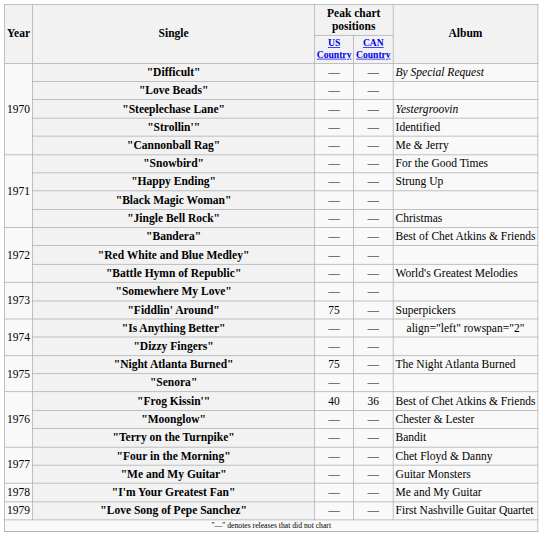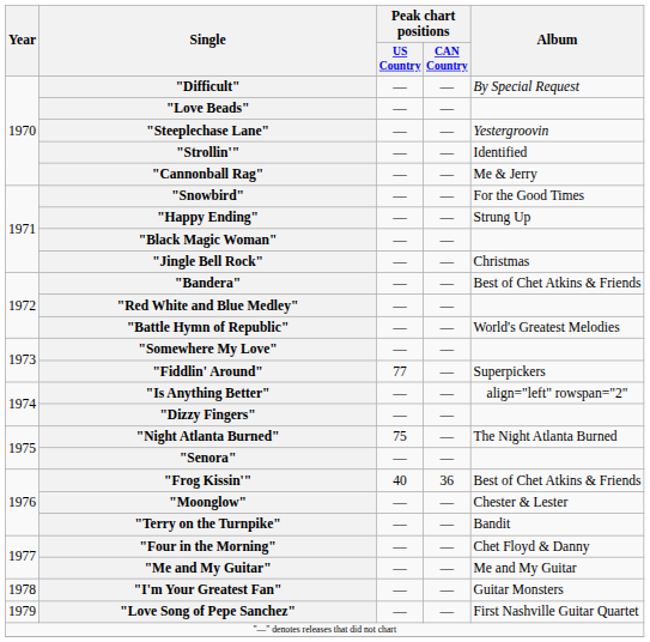 <table class="wikitable plainrowheaders" style="text-align:center;">
 <tr>
 <th rowspan="2">Year</th>
 <th rowspan="2" style="width:24em;">Single</th>
 <th colspan="2">Peak chart<br>positions</th>
 <th rowspan="2">Album</th>
 </tr>
 <tr style="font-size:smaller;">
 <th width="45"><a href='#'>US Country</a></th>
 <th width="45"><a href='#'>CAN Country</a></th>
 </tr>
 <tr>
 <td rowspan="5">1970</td>
 <th scope="row">"Difficult"</th>
 <td>—</td>
 <td>—</td>
 <td align="left"><em>By Special Request</em></td>
 </tr>
 <tr>
 <th scope="row">"Love Beads"</th>
 <td>—</td>
 <td>—</td>
 <td></td>
 </tr>
 <tr>
 <th scope="row">"Steeplechase Lane"</th>
 <td>—</td>
 <td>—</td>
 <td align="left"><em>Yestergroovin<strong></td>
 </tr>
 <tr>
 <th scope="row">"Strollin'"</th>
 <td>—</td>
 <td>—</td>
 <td align="left"></em>Identified<em></td>
 </tr>
 <tr>
 <th scope="row">"Cannonball Rag"</th>
 <td>—</td>
 <td>—</td>
 <td align="left"></em>Me & Jerry<em></td>
 </tr>
 <tr>
 <td rowspan="4">1971</td>
 <th scope="row">"Snowbird"</th>
 <td>—</td>
 <td>—</td>
 <td align="left"></em>For the Good Times<em></td>
 </tr>
 <tr>
 <th scope="row">"Happy Ending"</th>
 <td>—</td>
 <td>—</td>
 <td align="left"></em>Strung Up<em></td>
 </tr>
 <tr>
 <th scope="row">"Black Magic Woman"</th>
 <td>—</td>
 <td>—</td>
 <td></td>
 </tr>
 <tr>
 <th scope="row">"Jingle Bell Rock"</th>
 <td>—</td>
 <td>—</td>
 <td align="left"></em>Christmas<em></td>
 </tr>
 <tr>
 <td rowspan="3">1972</td>
 <th scope="row">"Bandera"</th>
 <td>—</td>
 <td>—</td>
 <td align="left"></em>Best of Chet Atkins & Friends<em></td>
 </tr>
 <tr>
 <th scope="row">"Red White and Blue Medley"</th>
 <td>—</td>
 <td>—</td>
 <td></td>
 </tr>
 <tr>
 <th scope="row">"Battle Hymn of Republic"</th>
 <td>—</td>
 <td>—</td>
 <td align="left"></em>World's Greatest Melodies<em></td>
 </tr>
 <tr>
 <td rowspan="2">1973</td>
 <th scope="row">"Somewhere My Love"</th>
 <td>—</td>
 <td>—</td>
 <td></td>
 </tr>
 <tr>
 <th scope="row">"Fiddlin' Around"</th>
-<td>75</td>
+<td>77</td>
 <td>—</td>
 <td align="left"></em>Superpickers<em></td>
 </tr>
 <tr>
 <td rowspan="2">1974</td>
 <th scope="row">"Is Anything Better"</th>
 <td>—</td>
 <td>—</td>
 <td>align="left" rowspan="2" </td>
 </tr>
 <tr>
 <th scope="row">"Dizzy Fingers"</th>
 <td>—</td>
 <td>—</td>
 </tr>
 <tr>
 <td rowspan="2">1975</td>
 <th scope="row">"Night Atlanta Burned"</th>
 <td>75</td>
 <td>—</td>
 <td align="left"></em>The Night Atlanta Burned<em></td>
 </tr>
 <tr>
 <th scope="row">"Senora"</th>
 <td>—</td>
 <td>—</td>
 <td></td>
 </tr>
 <tr>
 <td rowspan="3">1976</td>
 <th scope="row">"Frog Kissin'"</th>
 <td>40</td>
 <td>36</td>
 <td align="left"></em>Best of Chet Atkins & Friends<em></td>
 </tr>
 <tr>
 <th scope="row">"Moonglow"</th>
 <td>—</td>
 <td>—</td>
 <td align="left"></em>Chester & Lester<em></td>
 </tr>
 <tr>
 <th scope="row">"Terry on the Turnpike"</th>
 <td>—</td>
 <td>—</td>
 <td align="left"></em>Bandit<em></td>
 </tr>
 <tr>
 <td rowspan="2">1977</td>
 <th scope="row">"Four in the Morning"</th>
 <td>—</td>
 <td>—</td>
 <td align="left"></em>Chet Floyd & Danny<em></td>
 </tr>
 <tr>
 <th scope="row">"Me and My Guitar"</th>
 <td>—</td>
 <td>—</td>
-<td align="left"></em>Guitar Monsters<em></td>
+<td align="left"></em>Me and My Guitar<em></td>
 </tr>
 <tr>
 <td>1978</td>
 <th scope="row">"I'm Your Greatest Fan"</th>
 <td>—</td>
 <td>—</td>
-<td align="left"></em>Me and My Guitar<em></td>
+<td align="left"></em>Guitar Monsters<em></td>
 </tr>
 <tr>
 <td>1979</td>
 <th scope="row">"Love Song of Pepe Sanchez"</th>
 <td>—</td>
 <td>—</td>
 <td align="left"></em>First Nashville Guitar Quartet<em></td>
 </tr>
 <tr>
 <td colspan="5" style="font-size: 8pt">"—" denotes releases that did not chart</td>
 </tr>
 <tr>
 </tr>
 </table>
